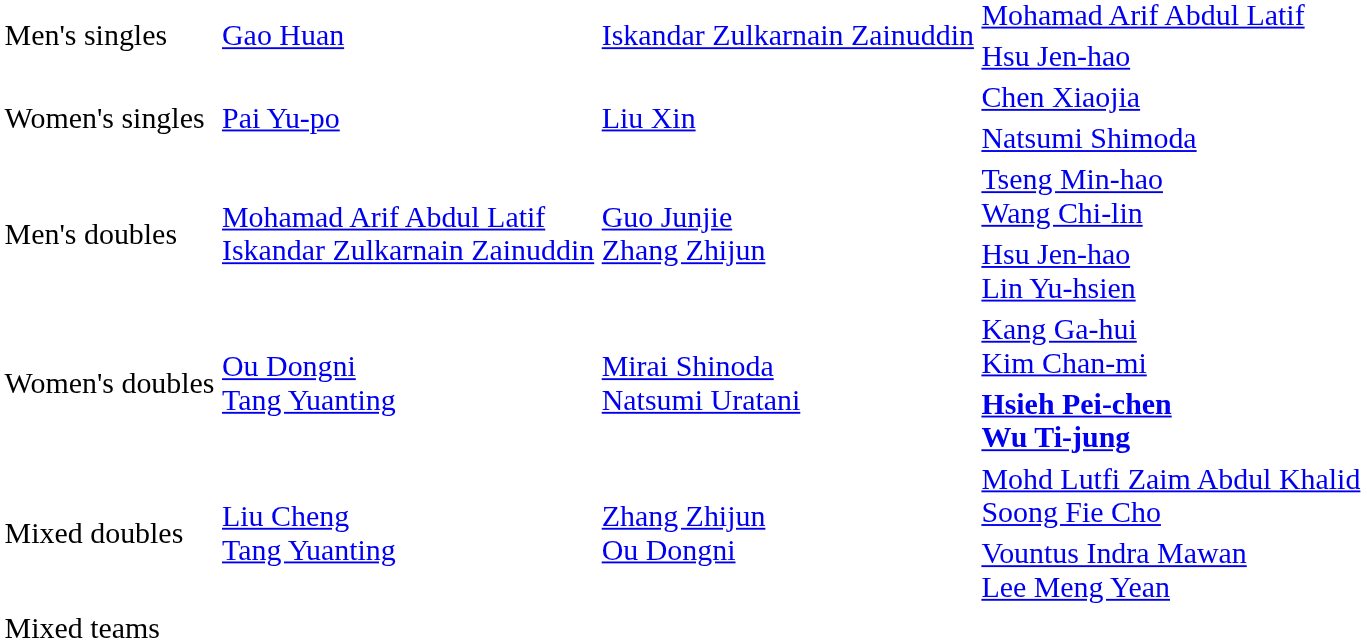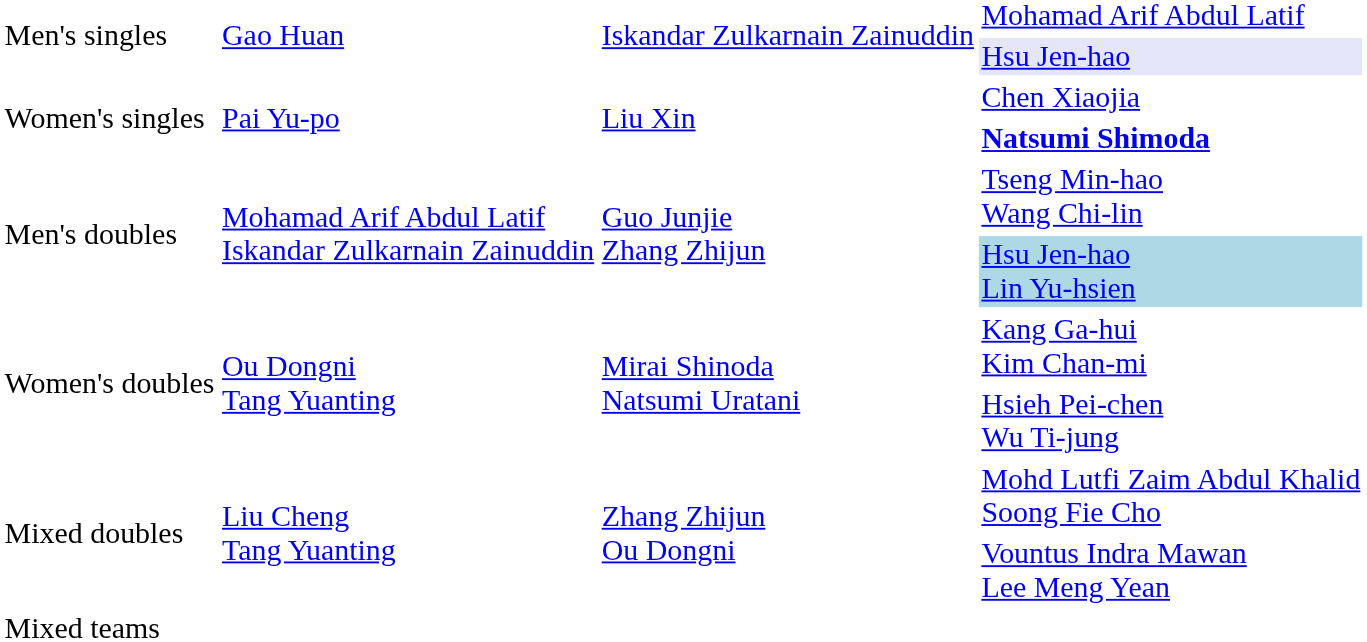 <table>
 <tr>
 <td rowspan="2">Men's singles</td>
 <td rowspan="2"> <a href='#'>Gao Huan</a></td>
 <td rowspan="2"> <a href='#'>Iskandar Zulkarnain Zainuddin</a></td>
 <td> <a href='#'>Mohamad Arif Abdul Latif</a></td>
 </tr>
 <tr>
-<td> <a href='#'>Hsu Jen-hao</a></td>
+<td style="background: lavender;"> <a href='#'>Hsu Jen-hao</a></td>
 </tr>
 <tr>
 <td rowspan="2">Women's singles</td>
 <td rowspan="2"> <a href='#'>Pai Yu-po</a></td>
 <td rowspan="2"> <a href='#'>Liu Xin</a></td>
 <td> <a href='#'>Chen Xiaojia</a></td>
 </tr>
 <tr>
-<td> <a href='#'>Natsumi Shimoda</a></td>
+<td><strong> <a href='#'>Natsumi Shimoda</a></strong></td>
 </tr>
 <tr>
 <td rowspan="2">Men's doubles</td>
 <td rowspan="2"> <a href='#'>Mohamad Arif Abdul Latif</a><br> <a href='#'>Iskandar Zulkarnain Zainuddin</a></td>
 <td rowspan="2"> <a href='#'>Guo Junjie</a><br> <a href='#'>Zhang Zhijun</a></td>
 <td> <a href='#'>Tseng Min-hao</a><br> <a href='#'>Wang Chi-lin</a></td>
 </tr>
 <tr>
-<td> <a href='#'>Hsu Jen-hao</a><br> <a href='#'>Lin Yu-hsien</a></td>
+<td style="background: lightblue;"> <a href='#'>Hsu Jen-hao</a><br> <a href='#'>Lin Yu-hsien</a></td>
 </tr>
 <tr>
 <td rowspan="2">Women's doubles</td>
 <td rowspan="2"> <a href='#'>Ou Dongni</a><br> <a href='#'>Tang Yuanting</a></td>
 <td rowspan="2"> <a href='#'>Mirai Shinoda</a><br> <a href='#'>Natsumi Uratani</a></td>
 <td> <a href='#'>Kang Ga-hui</a><br> <a href='#'>Kim Chan-mi</a></td>
 </tr>
 <tr>
-<td><strong> <a href='#'>Hsieh Pei-chen</a><br> <a href='#'>Wu Ti-jung</a></strong></td>
+<td> <a href='#'>Hsieh Pei-chen</a><br> <a href='#'>Wu Ti-jung</a></td>
 </tr>
 <tr>
 <td rowspan="2">Mixed doubles</td>
 <td rowspan="2"> <a href='#'>Liu Cheng</a><br> <a href='#'>Tang Yuanting</a></td>
 <td rowspan="2"> <a href='#'>Zhang Zhijun</a><br> <a href='#'>Ou Dongni</a></td>
 <td> <a href='#'>Mohd Lutfi Zaim Abdul Khalid</a><br> <a href='#'>Soong Fie Cho</a></td>
 </tr>
 <tr>
 <td> <a href='#'>Vountus Indra Mawan</a><br> <a href='#'>Lee Meng Yean</a></td>
 </tr>
 <tr>
 <td rowspan="2">Mixed teams</td>
 <td align="center" rowspan="2"></td>
 <td align="center" rowspan="2"></td>
 <td align="center"></td>
 </tr>
 <tr>
 <td align="center"></td>
 </tr>
 </table>
